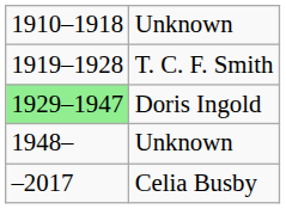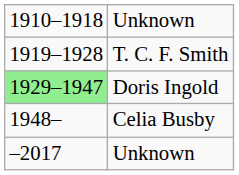 <table class="wikitable">
 <tr>
 <td>1910–1918</td>
 <td>Unknown</td>
 </tr>
 <tr>
 <td>1919–1928</td>
 <td>T. C. F. Smith</td>
 </tr>
 <tr>
 <td style="background: lightgreen;">1929–1947</td>
 <td>Doris Ingold</td>
 </tr>
 <tr>
 <td>1948–</td>
-<td>Unknown</td>
+<td>Celia Busby</td>
 </tr>
 <tr>
 <td>–2017</td>
-<td>Celia Busby</td>
+<td>Unknown</td>
 </tr>
 </table>
